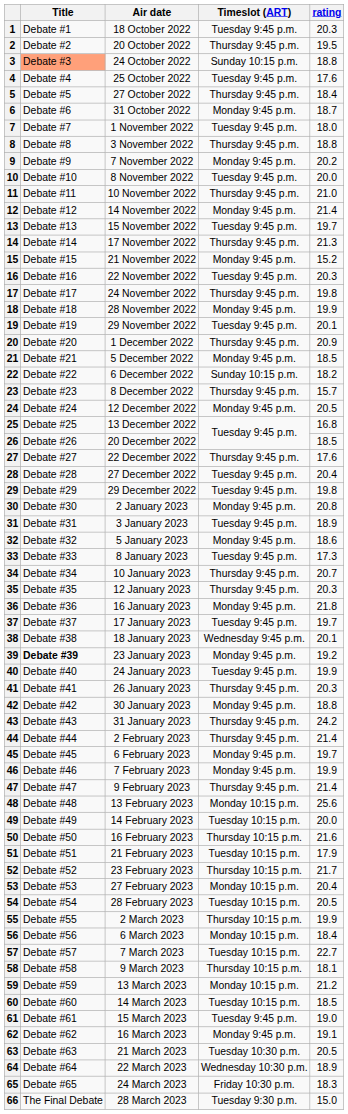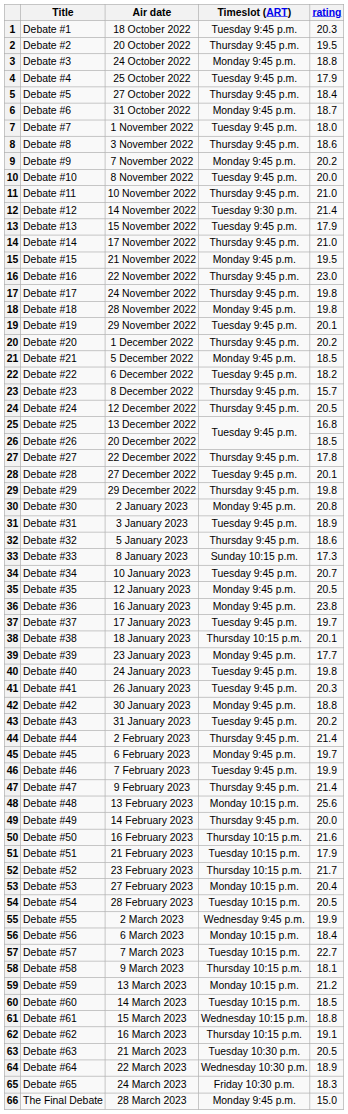 <table class="wikitable sortable plainrowheaders mw-collapsible mw-collapsed" style="text-align:center">
 <tr align="center">
 <th></th>
 <th>Title</th>
 <th>Air date</th>
 <th>Timeslot (<a href='#'>ART</a>)</th>
 <th> <a href='#'>rating</a></th>
 </tr>
 <tr>
 <th scope="row" style="text-align:center">1</th>
 <td style="text-align: left;">Debate #1</td>
 <td>18 October 2022</td>
 <td>Tuesday 9:45 p.m.</td>
 <td>20.3</td>
 </tr>
 <tr>
 <th scope="row" style="text-align:center">2</th>
 <td style="text-align: left;">Debate #2</td>
 <td>20 October 2022</td>
 <td>Thursday 9:45 p.m.</td>
 <td>19.5</td>
 </tr>
 <tr>
 <th scope="row" style="text-align:center">3</th>
-<td style="background: lightsalmon; text-align: left;">Debate #3</td>
+<td style="text-align: left;">Debate #3</td>
 <td>24 October 2022</td>
-<td>Sunday 10:15 p.m.</td>
+<td>Monday 9:45 p.m.</td>
 <td>18.8</td>
 </tr>
 <tr>
 <th scope="row" style="text-align:center">4</th>
 <td style="text-align: left;">Debate #4</td>
 <td>25 October 2022</td>
 <td>Tuesday 9:45 p.m.</td>
-<td>17.6</td>
+<td>17.9</td>
 </tr>
 <tr>
 <th scope="row" style="text-align:center">5</th>
 <td style="text-align: left;">Debate #5</td>
 <td>27 October 2022</td>
 <td>Thursday 9:45 p.m.</td>
 <td>18.4</td>
 </tr>
 <tr>
 <th scope="row" style="text-align:center">6</th>
 <td style="text-align: left;">Debate #6</td>
 <td>31 October 2022</td>
 <td>Monday 9:45 p.m.</td>
 <td>18.7</td>
 </tr>
 <tr>
 <th scope="row" style="text-align:center">7</th>
 <td style="text-align: left;">Debate #7</td>
 <td>1 November 2022</td>
 <td>Tuesday 9:45 p.m.</td>
 <td>18.0</td>
 </tr>
 <tr>
 <th scope="row" style="text-align:center">8</th>
 <td style="text-align: left;">Debate #8</td>
 <td>3 November 2022</td>
 <td>Thursday 9:45 p.m.</td>
-<td>18.8</td>
+<td>18.6</td>
 </tr>
 <tr>
 <th scope="row" style="text-align:center">9</th>
 <td style="text-align: left;">Debate #9</td>
 <td>7 November 2022</td>
 <td>Monday 9:45 p.m.</td>
 <td>20.2</td>
 </tr>
 <tr>
 <th scope="row" style="text-align:center">10</th>
 <td style="text-align: left;">Debate #10</td>
 <td>8 November 2022</td>
 <td>Tuesday 9:45 p.m.</td>
 <td>20.0</td>
 </tr>
 <tr>
 <th scope="row" style="text-align:center">11</th>
 <td style="text-align: left;">Debate #11</td>
 <td>10 November 2022</td>
 <td>Thursday 9:45 p.m.</td>
 <td>21.0</td>
 </tr>
 <tr>
 <th scope="row" style="text-align:center">12</th>
 <td style="text-align: left;">Debate #12</td>
 <td>14 November 2022</td>
-<td>Monday 9:45 p.m.</td>
+<td>Tuesday 9:30 p.m.</td>
 <td>21.4</td>
 </tr>
 <tr>
 <th scope="row" style="text-align:center">13</th>
 <td style="text-align: left;">Debate #13</td>
 <td>15 November 2022</td>
 <td>Tuesday 9:45 p.m.</td>
-<td>19.7</td>
+<td>17.9</td>
 </tr>
 <tr>
 <th scope="row" style="text-align:center">14</th>
 <td style="text-align: left;">Debate #14</td>
 <td>17 November 2022</td>
 <td>Thursday 9:45 p.m.</td>
-<td>21.3</td>
+<td>21.0</td>
 </tr>
 <tr>
 <th scope="row" style="text-align:center">15</th>
 <td style="text-align: left;">Debate #15</td>
 <td>21 November 2022</td>
 <td>Monday 9:45 p.m.</td>
-<td>15.2</td>
+<td>19.5</td>
 </tr>
 <tr>
 <th scope="row" style="text-align:center">16</th>
 <td style="text-align: left;">Debate #16</td>
 <td>22 November 2022</td>
-<td>Tuesday 9:45 p.m.</td>
-<td>20.3</td>
+<td>Thursday 9:45 p.m.</td>
+<td>23.0</td>
 </tr>
 <tr>
 <th scope="row" style="text-align:center">17</th>
 <td style="text-align: left;">Debate #17</td>
 <td>24 November 2022</td>
 <td>Thursday 9:45 p.m.</td>
 <td>19.8</td>
 </tr>
 <tr>
 <th scope="row" style="text-align:center">18</th>
 <td style="text-align: left;">Debate #18</td>
 <td>28 November 2022</td>
 <td>Monday 9:45 p.m.</td>
-<td>19.9</td>
+<td>19.8</td>
 </tr>
 <tr>
 <th scope="row" style="text-align:center">19</th>
 <td style="text-align: left;">Debate #19</td>
 <td>29 November 2022</td>
 <td>Tuesday 9:45 p.m.</td>
 <td>20.1</td>
 </tr>
 <tr>
 <th scope="row" style="text-align:center">20</th>
 <td style="text-align: left;">Debate #20</td>
 <td>1 December 2022</td>
 <td>Thursday 9:45 p.m.</td>
-<td>20.9</td>
+<td>20.2</td>
 </tr>
 <tr>
 <th scope="row" style="text-align:center">21</th>
 <td style="text-align: left;">Debate #21</td>
 <td>5 December 2022</td>
 <td>Monday 9:45 p.m.</td>
 <td>18.5</td>
 </tr>
 <tr>
 <th scope="row" style="text-align:center">22</th>
 <td style="text-align: left;">Debate #22</td>
 <td>6 December 2022</td>
-<td>Sunday 10:15 p.m.</td>
+<td>Tuesday 9:45 p.m.</td>
 <td>18.2</td>
 </tr>
 <tr>
 <th scope="row" style="text-align:center">23</th>
 <td style="text-align: left;">Debate #23</td>
 <td>8 December 2022</td>
 <td>Thursday 9:45 p.m.</td>
 <td>15.7</td>
 </tr>
 <tr>
 <th scope="row" style="text-align:center">24</th>
 <td style="text-align: left;">Debate #24</td>
 <td>12 December 2022</td>
-<td>Monday 9:45 p.m.</td>
+<td>Thursday 9:45 p.m.</td>
 <td>20.5</td>
 </tr>
 <tr>
 <th scope="row" style="text-align:center">25</th>
 <td style="text-align: left;">Debate #25</td>
 <td>13 December 2022</td>
 <td rowspan="2">Tuesday 9:45 p.m.</td>
 <td>16.8</td>
 </tr>
 <tr>
 <th scope="row" style="text-align:center">26</th>
 <td style="text-align: left;">Debate #26</td>
 <td>20 December 2022</td>
 <td>18.5</td>
 </tr>
 <tr>
 <th scope="row" style="text-align:center">27</th>
 <td style="text-align: left;">Debate #27</td>
 <td>22 December 2022</td>
 <td>Thursday 9:45 p.m.</td>
-<td>17.6</td>
+<td>17.8</td>
 </tr>
 <tr>
 <th scope="row" style="text-align:center">28</th>
 <td style="text-align: left;">Debate #28</td>
 <td>27 December 2022</td>
 <td>Tuesday 9:45 p.m.</td>
-<td>20.4</td>
+<td>20.1</td>
 </tr>
 <tr>
 <th scope="row" style="text-align:center">29</th>
 <td style="text-align: left;">Debate #29</td>
 <td>29 December 2022</td>
-<td>Tuesday 9:45 p.m.</td>
+<td>Thursday 9:45 p.m.</td>
 <td>19.8</td>
 </tr>
 <tr>
 <th scope="row" style="text-align:center">30</th>
 <td style="text-align: left;">Debate #30</td>
 <td>2 January 2023</td>
 <td>Monday 9:45 p.m.</td>
 <td>20.8</td>
 </tr>
 <tr>
 <th scope="row" style="text-align:center">31</th>
 <td style="text-align: left;">Debate #31</td>
 <td>3 January 2023</td>
 <td>Tuesday 9:45 p.m.</td>
 <td>18.9</td>
 </tr>
 <tr>
 <th scope="row" style="text-align:center">32</th>
 <td style="text-align: left;">Debate #32</td>
 <td>5 January 2023</td>
-<td>Monday 9:45 p.m.</td>
+<td>Thursday 9:45 p.m.</td>
 <td>18.6</td>
 </tr>
 <tr>
 <th scope="row" style="text-align:center">33</th>
 <td style="text-align: left;">Debate #33</td>
 <td>8 January 2023</td>
-<td>Tuesday 9:45 p.m.</td>
+<td>Sunday 10:15 p.m.</td>
 <td>17.3</td>
 </tr>
 <tr>
 <th scope="row" style="text-align:center">34</th>
 <td style="text-align: left;">Debate #34</td>
 <td>10 January 2023</td>
-<td>Thursday 9:45 p.m.</td>
+<td>Tuesday 9:45 p.m.</td>
 <td>20.7</td>
 </tr>
 <tr>
 <th scope="row" style="text-align:center">35</th>
 <td style="text-align: left;">Debate #35</td>
 <td>12 January 2023</td>
-<td>Thursday 9:45 p.m.</td>
-<td>20.3</td>
+<td>Monday 9:45 p.m.</td>
+<td>20.5</td>
 </tr>
 <tr>
 <th scope="row" style="text-align:center">36</th>
 <td style="text-align: left;">Debate #36</td>
 <td>16 January 2023</td>
 <td>Monday 9:45 p.m.</td>
-<td>21.8</td>
+<td>23.8</td>
 </tr>
 <tr>
 <th scope="row" style="text-align:center">37</th>
 <td style="text-align: left;">Debate #37</td>
 <td>17 January 2023</td>
 <td>Tuesday 9:45 p.m.</td>
 <td>19.7</td>
 </tr>
 <tr>
 <th scope="row" style="text-align:center">38</th>
 <td style="text-align: left;">Debate #38</td>
 <td>18 January 2023</td>
-<td>Wednesday 9:45 p.m.</td>
+<td>Thursday 10:15 p.m.</td>
 <td>20.1</td>
 </tr>
 <tr>
 <th scope="row" style="text-align:center">39</th>
-<td style="text-align: left;"><strong>Debate #39</strong></td>
+<td style="text-align: left;">Debate #39</td>
 <td>23 January 2023</td>
 <td>Monday 9:45 p.m.</td>
-<td>19.2</td>
+<td>17.7</td>
 </tr>
 <tr>
 <th scope="row" style="text-align:center">40</th>
 <td style="text-align: left;">Debate #40</td>
 <td>24 January 2023</td>
 <td>Tuesday 9:45 p.m.</td>
-<td>19.9</td>
+<td>19.8</td>
 </tr>
 <tr>
 <th scope="row" style="text-align:center">41</th>
 <td style="text-align: left;">Debate #41</td>
 <td>26 January 2023</td>
-<td>Thursday 9:45 p.m.</td>
+<td>Tuesday 9:45 p.m.</td>
 <td>20.3</td>
 </tr>
 <tr>
 <th scope="row" style="text-align:center">42</th>
 <td style="text-align: left;">Debate #42</td>
 <td>30 January 2023</td>
 <td>Monday 9:45 p.m.</td>
 <td>18.8</td>
 </tr>
 <tr>
 <th scope="row" style="text-align:center">43</th>
 <td style="text-align: left;">Debate #43</td>
 <td>31 January 2023</td>
-<td>Thursday 9:45 p.m.</td>
-<td>24.2</td>
+<td>Tuesday 9:45 p.m.</td>
+<td>20.2</td>
 </tr>
 <tr>
 <th scope="row" style="text-align:center">44</th>
 <td style="text-align: left;">Debate #44</td>
 <td>2 February 2023</td>
 <td>Thursday 9:45 p.m.</td>
 <td>21.4</td>
 </tr>
 <tr>
 <th scope="row" style="text-align:center">45</th>
 <td style="text-align: left;">Debate #45</td>
 <td>6 February 2023</td>
 <td>Monday 9:45 p.m.</td>
 <td>19.7</td>
 </tr>
 <tr>
 <th scope="row" style="text-align:center">46</th>
 <td style="text-align: left;">Debate #46</td>
 <td>7 February 2023</td>
-<td>Monday 9:45 p.m.</td>
+<td>Tuesday 9:45 p.m.</td>
 <td>19.9</td>
 </tr>
 <tr>
 <th scope="row" style="text-align:center">47</th>
 <td style="text-align: left;">Debate #47</td>
 <td>9 February 2023</td>
 <td>Thursday 9:45 p.m.</td>
 <td>21.4</td>
 </tr>
 <tr>
 <th scope="row" style="text-align:center">48</th>
 <td style="text-align: left;">Debate #48</td>
 <td>13 February 2023</td>
 <td>Monday 10:15 p.m.</td>
 <td>25.6</td>
 </tr>
 <tr>
 <th scope="row" style="text-align:center">49</th>
 <td style="text-align: left;">Debate #49</td>
 <td>14 February 2023</td>
-<td>Tuesday 10:15 p.m.</td>
+<td>Thursday 9:45 p.m.</td>
 <td>20.0</td>
 </tr>
 <tr>
 <th scope="row" style="text-align:center">50</th>
 <td style="text-align: left;">Debate #50</td>
 <td>16 February 2023</td>
 <td>Thursday 10:15 p.m.</td>
 <td>21.6</td>
 </tr>
 <tr>
 <th scope="row" style="text-align:center">51</th>
 <td style="text-align: left;">Debate #51</td>
 <td>21 February 2023</td>
 <td>Tuesday 10:15 p.m.</td>
 <td>17.9</td>
 </tr>
 <tr>
 <th scope="row" style="text-align:center">52</th>
 <td style="text-align: left;">Debate #52</td>
 <td>23 February 2023</td>
 <td>Thursday 10:15 p.m.</td>
 <td>21.7</td>
 </tr>
 <tr>
 <th scope="row" style="text-align:center">53</th>
 <td style="text-align: left;">Debate #53</td>
 <td>27 February 2023</td>
 <td>Monday 10:15 p.m.</td>
 <td>20.4</td>
 </tr>
 <tr>
 <th scope="row" style="text-align:center">54</th>
 <td style="text-align: left;">Debate #54</td>
 <td>28 February 2023</td>
 <td>Tuesday 10:15 p.m.</td>
 <td>20.5</td>
 </tr>
 <tr>
 <th scope="row" style="text-align:center">55</th>
 <td style="text-align: left;">Debate #55</td>
 <td>2 March 2023</td>
-<td>Thursday 10:15 p.m.</td>
+<td>Wednesday 9:45 p.m.</td>
 <td>19.9</td>
 </tr>
 <tr>
 <th scope="row" style="text-align:center">56</th>
 <td style="text-align: left;">Debate #56</td>
 <td>6 March 2023</td>
 <td>Monday 10:15 p.m.</td>
 <td>18.4</td>
 </tr>
 <tr>
 <th scope="row" style="text-align:center">57</th>
 <td style="text-align: left;">Debate #57</td>
 <td>7 March 2023</td>
 <td>Tuesday 10:15 p.m.</td>
 <td>22.7</td>
 </tr>
 <tr>
 <th scope="row" style="text-align:center">58</th>
 <td style="text-align: left;">Debate #58</td>
 <td>9 March 2023</td>
 <td>Thursday 10:15 p.m.</td>
 <td>18.1</td>
 </tr>
 <tr>
 <th scope="row" style="text-align:center">59</th>
 <td style="text-align: left;">Debate #59</td>
 <td>13 March 2023</td>
 <td>Monday 10:15 p.m.</td>
 <td>21.2</td>
 </tr>
 <tr>
 <th scope="row" style="text-align:center">60</th>
 <td style="text-align: left;">Debate #60</td>
 <td>14 March 2023</td>
 <td>Tuesday 10:15 p.m.</td>
 <td>18.5</td>
 </tr>
 <tr>
 <th scope="row" style="text-align:center">61</th>
 <td style="text-align: left;">Debate #61</td>
 <td>15 March 2023</td>
-<td>Tuesday 9:45 p.m.</td>
-<td>19.0</td>
+<td>Wednesday 10:15 p.m.</td>
+<td>18.8</td>
 </tr>
 <tr>
 <th scope="row" style="text-align:center">62</th>
 <td style="text-align: left;">Debate #62</td>
 <td>16 March 2023</td>
-<td>Monday 9:45 p.m.</td>
+<td>Thursday 10:15 p.m.</td>
 <td>19.1</td>
 </tr>
 <tr>
 <th scope="row" style="text-align:center">63</th>
 <td style="text-align: left;">Debate #63</td>
 <td>21 March 2023</td>
 <td>Tuesday 10:30 p.m.</td>
 <td>20.5</td>
 </tr>
 <tr>
 <th scope="row" style="text-align:center">64</th>
 <td style="text-align: left;">Debate #64</td>
 <td>22 March 2023</td>
 <td>Wednesday 10:30 p.m.</td>
 <td>18.9</td>
 </tr>
 <tr>
 <th scope="row" style="text-align:center">65</th>
 <td style="text-align: left;">Debate #65</td>
 <td>24 March 2023</td>
 <td>Friday 10:30 p.m.</td>
 <td>18.3</td>
 </tr>
 <tr>
 <th scope="row" style="text-align:center">66</th>
 <td style="text-align: left;">The Final Debate</td>
 <td>28 March 2023</td>
-<td>Tuesday 9:30 p.m.</td>
+<td>Monday 9:45 p.m.</td>
 <td>15.0</td>
 </tr>
 </table>
